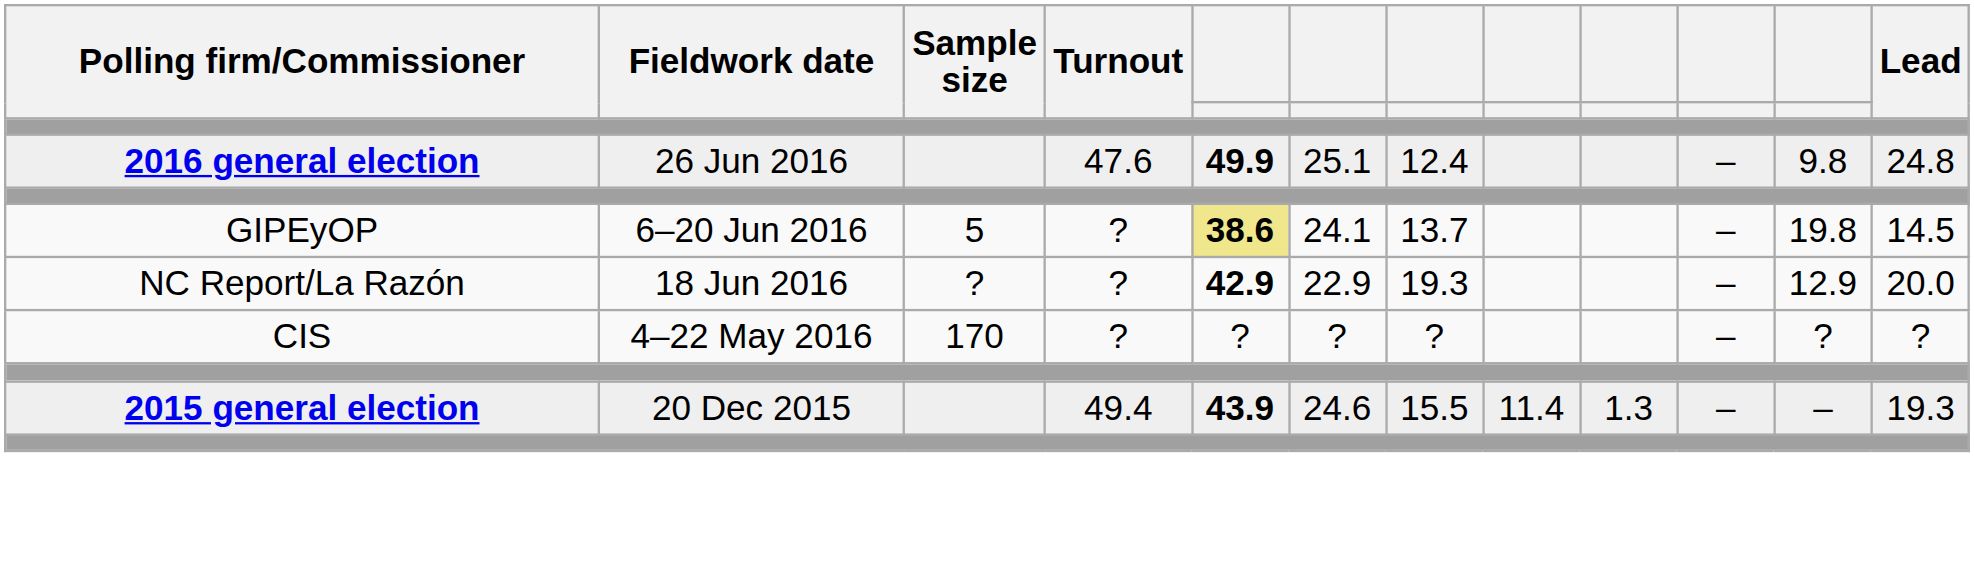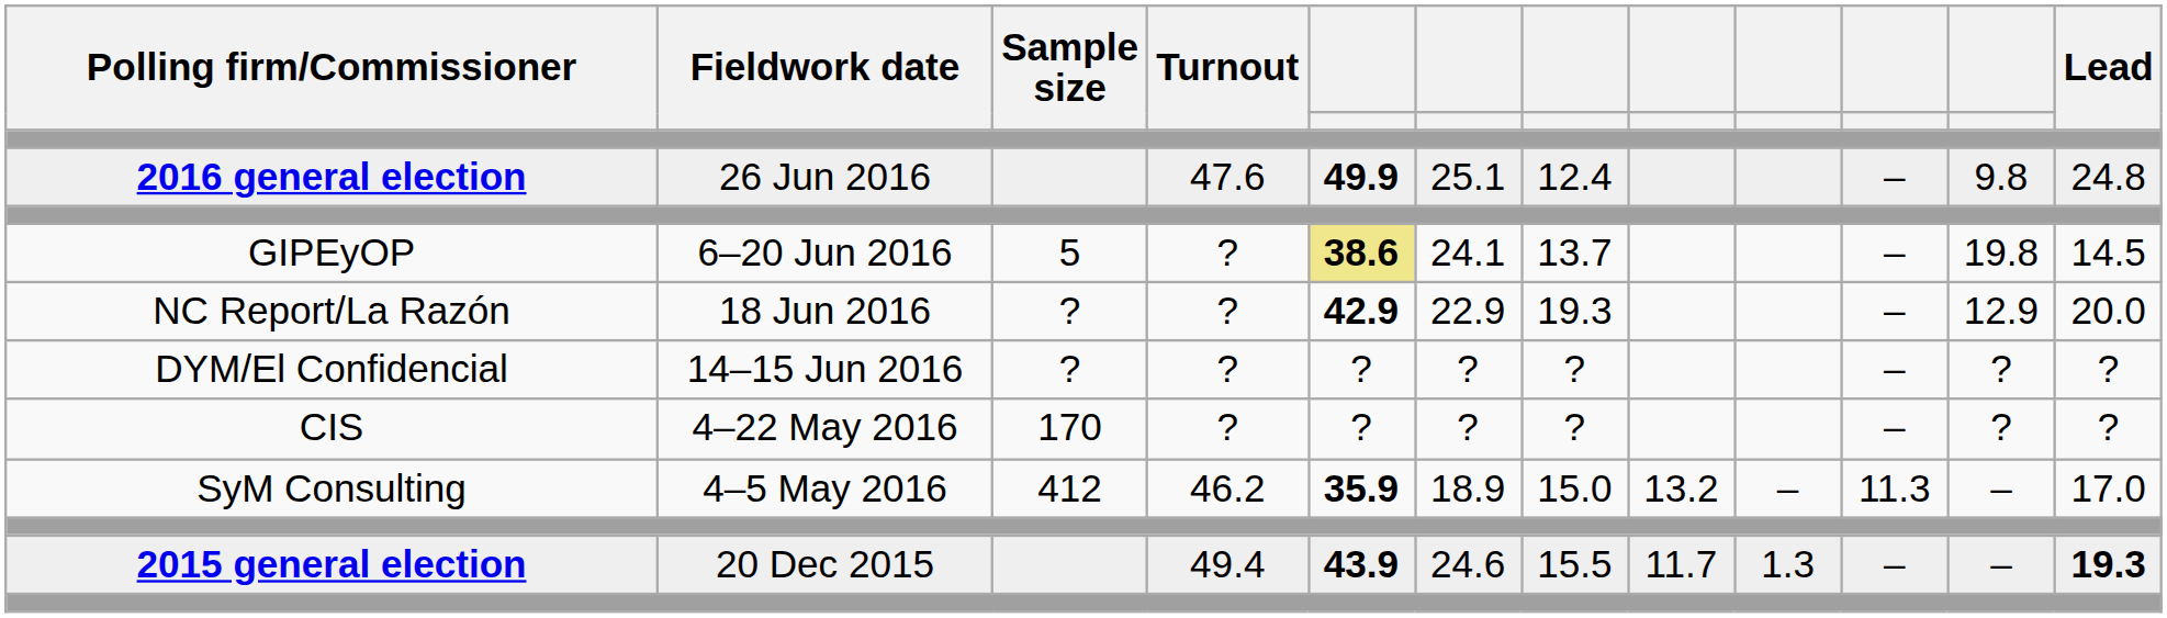 <table class="wikitable collapsible collapsed" style="text-align:center; font-size:95%; line-height:16px;">
 <tr style="height:42px; background-color:#E9E9E9">
 <th style="width:250px;" rowspan="2">Polling firm/Commissioner</th>
 <th style="width:125px;" rowspan="2">Fieldwork date</th>
 <th style="width:50px;" rowspan="2">Sample size</th>
 <th style="width:45px;" rowspan="2">Turnout</th>
 <th style="width:35px;"></th>
 <th style="width:35px;"></th>
 <th style="width:35px;"></th>
 <th style="width:35px;"></th>
 <th style="width:35px;"></th>
 <th style="width:35px;"></th>
 <th style="width:35px;"></th>
 <th style="width:30px;" rowspan="2">Lead</th>
 </tr>
 <tr>
 <th style="color:inherit;background:"></th>
 <th style="color:inherit;background:"></th>
 <th style="color:inherit;background:"></th>
 <th style="color:inherit;background:"></th>
 <th style="color:inherit;background:"></th>
 <th style="color:inherit;background:"></th>
 <th style="color:inherit;background:"></th>
 </tr>
 <tr>
 <td colspan="12" style="background:#A0A0A0"></td>
 </tr>
 <tr style="background:#EFEFEF;">
 <td><strong><a href='#'>2016 general election</a></strong></td>
 <td>26 Jun 2016</td>
 <td></td>
 <td>47.6</td>
 <td><strong>49.9</strong><br></td>
 <td>25.1<br></td>
 <td>12.4<br></td>
 <td></td>
 <td></td>
 <td>–</td>
 <td>9.8<br></td>
 <td style="background:">24.8</td>
 </tr>
 <tr>
 <td colspan="12" style="background:#A0A0A0"></td>
 </tr>
 <tr>
 <td>GIPEyOP</td>
 <td>6–20 Jun 2016</td>
 <td>5</td>
 <td>?</td>
 <td style="background: khaki;"><strong>38.6</strong><br></td>
 <td>24.1<br></td>
 <td>13.7<br></td>
 <td></td>
 <td></td>
 <td>–</td>
 <td>19.8<br></td>
 <td style="background:">14.5</td>
 </tr>
 <tr>
 <td>NC Report/La Razón</td>
 <td>18 Jun 2016</td>
 <td>?</td>
 <td>?</td>
 <td><strong>42.9</strong><br></td>
 <td>22.9<br></td>
 <td>19.3<br></td>
 <td></td>
 <td></td>
 <td>–</td>
 <td>12.9<br></td>
 <td style="background:">20.0</td>
 </tr>
 <tr>
+<td>DYM/El Confidencial</td>
+<td>14–15 Jun 2016</td>
+<td>?</td>
+<td>?</td>
+<td>?<br></td>
+<td>?<br></td>
+<td>?<br></td>
+<td></td>
+<td></td>
+<td>–</td>
+<td>?<br></td>
+<td style="background:">?</td>
+</tr>
+<tr>
 <td>CIS</td>
 <td>4–22 May 2016</td>
 <td>170</td>
 <td>?</td>
 <td>?<br></td>
 <td>?<br></td>
 <td>?<br></td>
 <td></td>
 <td></td>
 <td>–</td>
 <td>?<br></td>
 <td style="background:">?</td>
 </tr>
 <tr>
+<td>SyM Consulting</td>
+<td>4–5 May 2016</td>
+<td>412</td>
+<td>46.2</td>
+<td><strong>35.9</strong><br></td>
+<td>18.9<br></td>
+<td>15.0<br></td>
+<td>13.2<br></td>
+<td>–</td>
+<td>11.3<br></td>
+<td>–</td>
+<td style="background:">17.0</td>
+</tr>
+<tr>
 <td colspan="12" style="background:#A0A0A0"></td>
 </tr>
 <tr style="background:#EFEFEF;">
 <td><strong><a href='#'>2015 general election</a></strong></td>
 <td>20 Dec 2015</td>
 <td></td>
 <td>49.4</td>
 <td><strong>43.9</strong><br></td>
 <td>24.6<br></td>
 <td>15.5<br></td>
-<td>11.4<br></td>
+<td>11.7<br></td>
 <td>1.3<br></td>
 <td>–</td>
 <td>–</td>
-<td style="background:">19.3</td>
+<td style="background:"><strong>19.3</strong></td>
 </tr>
 <tr>
 <td colspan="12" style="background:#A0A0A0"></td>
 </tr>
 </table>
